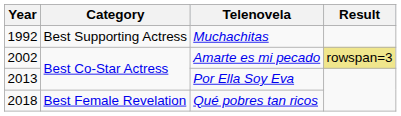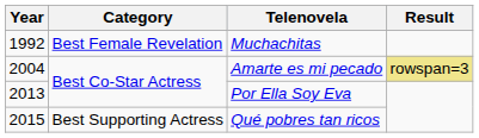 <table class="wikitable">
 <tr style="background:#b0c4de;">
 <th>Year</th>
 <th>Category</th>
 <th>Telenovela</th>
 <th>Result</th>
 </tr>
 <tr>
 <td>1992</td>
-<td>Best Supporting Actress</td>
+<td><a href='#'>Best Female Revelation</a></td>
 <td><em><a href='#'>Muchachitas</a></em></td>
 <td></td>
 </tr>
 <tr>
-<td>2002</td>
+<td>2004</td>
 <td rowspan=2><a href='#'>Best Co-Star Actress</a></td>
 <td><em><a href='#'>Amarte es mi pecado</a></em></td>
 <td style="background: khaki;">rowspan=3 </td>
 </tr>
 <tr>
 <td>2013</td>
 <td><em><a href='#'>Por Ella Soy Eva</a></em></td>
 </tr>
 <tr>
-<td>2018</td>
-<td><a href='#'>Best Female Revelation</a></td>
+<td>2015</td>
+<td>Best Supporting Actress</td>
 <td><em><a href='#'>Qué pobres tan ricos</a></em></td>
 </tr>
 </table>
